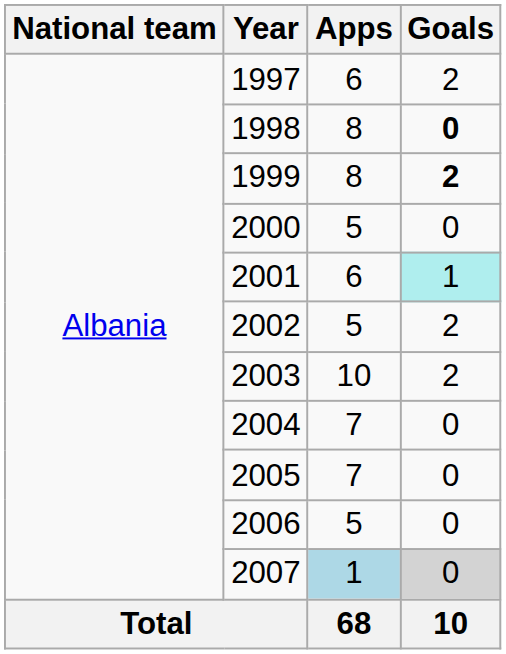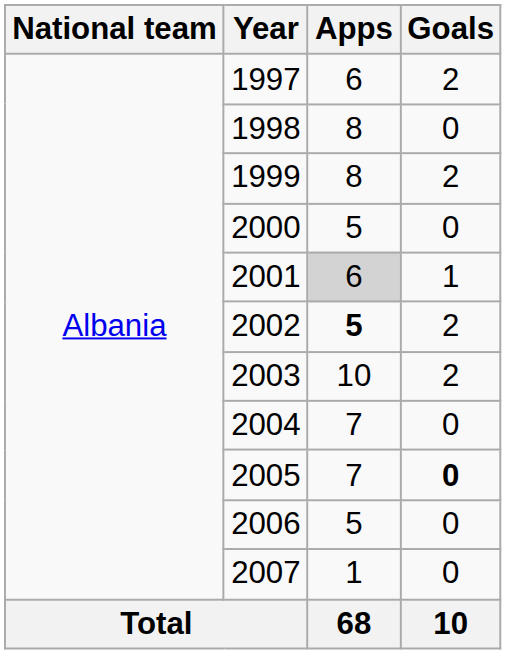 <table class="wikitable" style="text-align:center">
 <tr>
 <th>National team</th>
 <th>Year</th>
 <th>Apps</th>
 <th>Goals</th>
 </tr>
 <tr>
 <td rowspan="11"><a href='#'>Albania</a></td>
 <td>1997</td>
 <td>6</td>
 <td>2</td>
 </tr>
 <tr>
 <td>1998</td>
 <td>8</td>
-<td><strong>0</strong></td>
+<td>0</td>
 </tr>
 <tr>
 <td>1999</td>
 <td>8</td>
-<td><strong>2</strong></td>
+<td>2</td>
 </tr>
 <tr>
 <td>2000</td>
 <td>5</td>
 <td>0</td>
 </tr>
 <tr>
 <td>2001</td>
-<td>6</td>
-<td style="background: paleturquoise;">1</td>
+<td style="background: lightgrey;">6</td>
+<td>1</td>
 </tr>
 <tr>
 <td>2002</td>
-<td>5</td>
+<td><strong>5</strong></td>
 <td>2</td>
 </tr>
 <tr>
 <td>2003</td>
 <td>10</td>
 <td>2</td>
 </tr>
 <tr>
 <td>2004</td>
 <td>7</td>
 <td>0</td>
 </tr>
 <tr>
 <td>2005</td>
 <td>7</td>
-<td>0</td>
+<td><strong>0</strong></td>
 </tr>
 <tr>
 <td>2006</td>
 <td>5</td>
 <td>0</td>
 </tr>
 <tr>
 <td>2007</td>
-<td style="background: lightblue;">1</td>
-<td style="background: lightgrey;">0</td>
+<td>1</td>
+<td>0</td>
 </tr>
 <tr>
 <th colspan="2">Total</th>
 <th>68</th>
 <th>10</th>
 </tr>
 </table>
